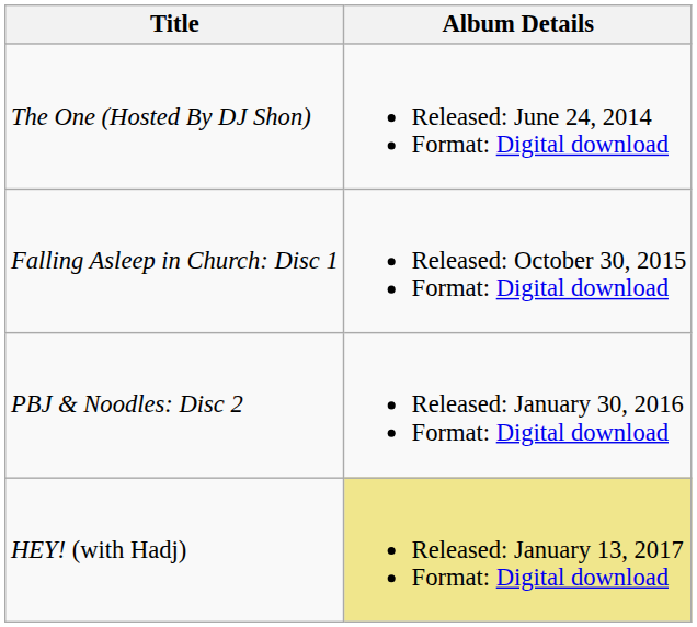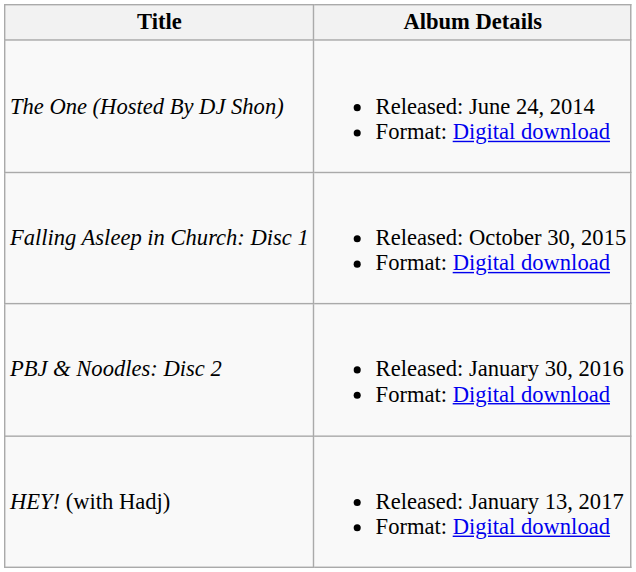 <table class="wikitable">
 <tr>
 <th>Title</th>
 <th>Album Details</th>
 </tr>
 <tr>
 <td><em>The One (Hosted By DJ Shon)</em></td>
 <td><br><ul><li>Released: June 24, 2014</li><li>Format: <a href='#'>Digital download</a></li></ul></td>
 </tr>
 <tr>
 <td><em>Falling Asleep in Church: Disc 1</em></td>
 <td><br><ul><li>Released: October 30, 2015</li><li>Format: <a href='#'>Digital download</a></li></ul></td>
 </tr>
 <tr>
 <td><em>PBJ & Noodles: Disc 2</em></td>
 <td><br><ul><li>Released: January 30, 2016</li><li>Format: <a href='#'>Digital download</a></li></ul></td>
 </tr>
 <tr>
 <td><em>HEY!</em>  (with Hadj)</td>
-<td style="background: khaki;"><br><ul><li>Released: January 13, 2017</li><li>Format: <a href='#'>Digital download</a></li></ul></td>
+<td><br><ul><li>Released: January 13, 2017</li><li>Format: <a href='#'>Digital download</a></li></ul></td>
 </tr>
 </table>
